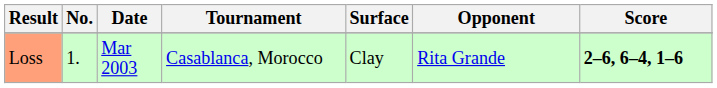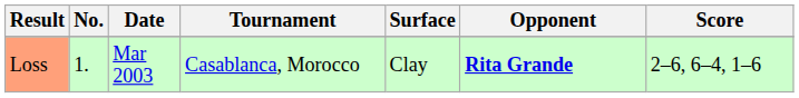 <table class="sortable wikitable">
 <tr>
 <th>Result</th>
 <th width=20 class="unsortable">No.</th>
 <th width=50>Date</th>
 <th width=155>Tournament</th>
 <th width=50>Surface</th>
 <th width=140>Opponent</th>
 <th width=110 class="unsortable">Score</th>
 </tr>
 <tr>
 </tr>
 <tr bgcolor="#CCFFCC">
 <td style="background:#ffa07a;">Loss</td>
 <td>1.</td>
 <td><a href='#'>Mar 2003</a></td>
 <td><a href='#'>Casablanca</a>, Morocco</td>
 <td>Clay</td>
-<td> <a href='#'>Rita Grande</a></td>
-<td><strong>2–6, 6–4, 1–6</strong></td>
+<td><strong> <a href='#'>Rita Grande</a></strong></td>
+<td>2–6, 6–4, 1–6</td>
 </tr>
 </table>
